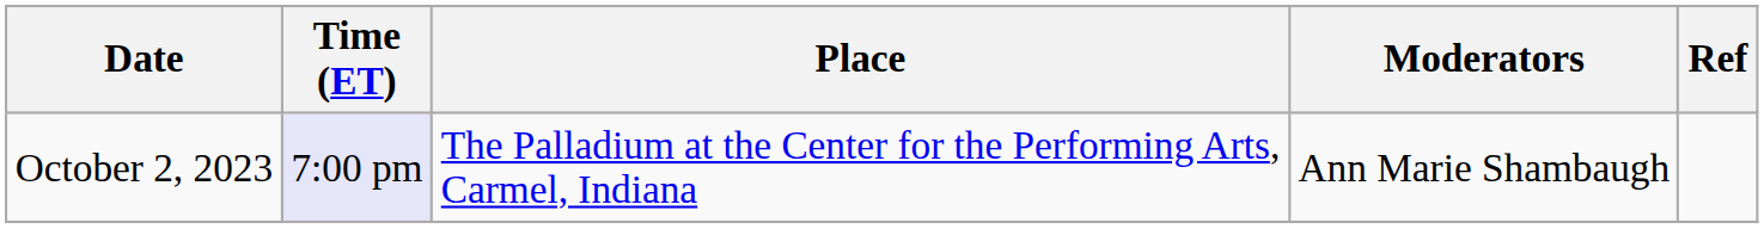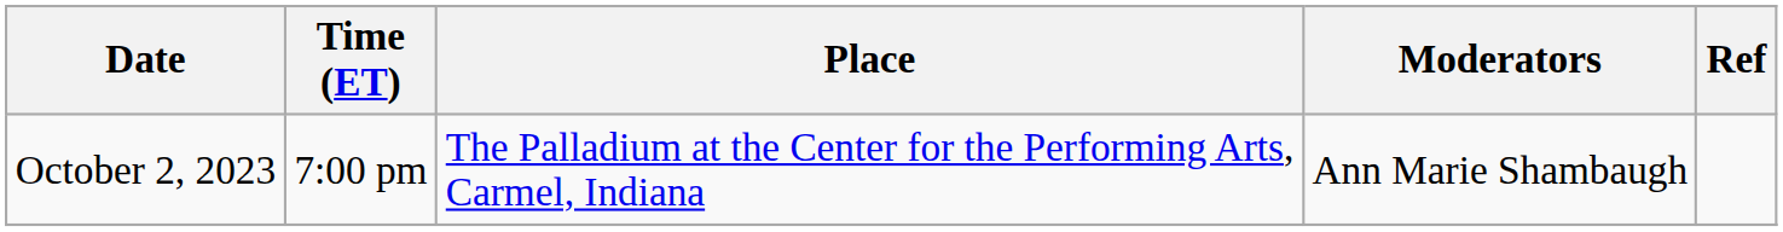 <table class="wikitable">
 <tr>
 <th>Date</th>
 <th>Time<br>(<a href='#'>ET</a>)</th>
 <th>Place</th>
 <th>Moderators</th>
 <th>Ref</th>
 </tr>
 <tr>
 <td>October 2, 2023</td>
-<td style="background: lavender;">7:00 pm</td>
+<td>7:00 pm</td>
 <td><a href='#'>The Palladium at the Center for the Performing Arts</a>,<br><a href='#'>Carmel, Indiana</a></td>
 <td>Ann Marie Shambaugh</td>
 <td></td>
 </tr>
 <tr>
 </tr>
 </table>
